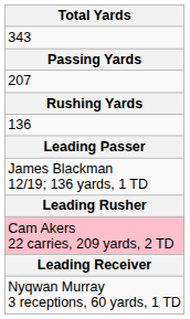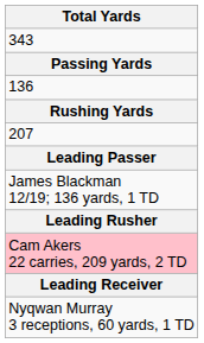 <table class="wikitable">
 <tr>
 <th>Total Yards</th>
 </tr>
 <tr>
 <td>343</td>
 </tr>
 <tr>
 <th>Passing Yards</th>
 </tr>
 <tr>
-<td>207</td>
+<td>136</td>
 </tr>
 <tr>
 <th>Rushing Yards</th>
 </tr>
 <tr>
-<td>136</td>
+<td>207</td>
 </tr>
 <tr>
 <th>Leading Passer</th>
 </tr>
 <tr>
 <td>James Blackman<br>12/19; 136 yards, 1 TD</td>
 </tr>
 <tr>
 <th>Leading Rusher</th>
 </tr>
 <tr>
 <td style="background: pink;">Cam Akers<br>22 carries, 209 yards, 2 TD</td>
 </tr>
 <tr>
 <th>Leading Receiver</th>
 </tr>
 <tr>
 <td>Nyqwan Murray<br>3 receptions, 60 yards, 1 TD</td>
 </tr>
 </table>
